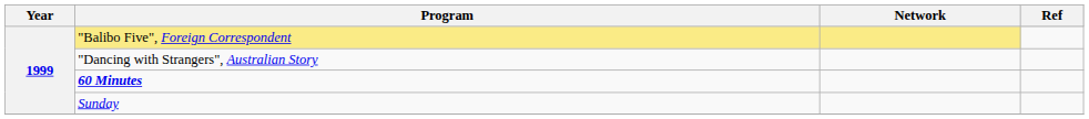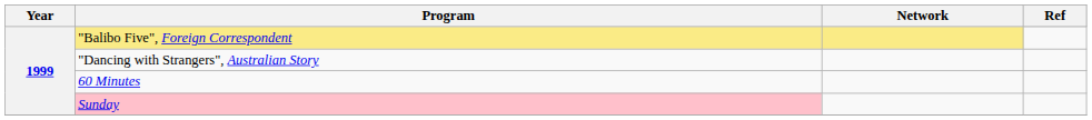 <table class="wikitable sortable">
 <tr style="background:#bebebe;">
 <th scope="col" style="width:1%;">Year</th>
 <th scope="col" style="width:16%;">Program</th>
 <th scope="col" style="width:4%;">Network</th>
 <th scope="col" style="width:1%;" class="unsortable">Ref</th>
 </tr>
 <tr>
 <th scope="row" rowspan="4" style="text-align:center"><a href='#'>1999</a></th>
 <td style="background:#FAEB86">"Balibo Five", <em><a href='#'>Foreign Correspondent</a></em></td>
 <td style="background:#FAEB86"></td>
 <td></td>
 </tr>
 <tr>
 <td>"Dancing with Strangers", <em><a href='#'>Australian Story</a></em></td>
 <td></td>
 <td></td>
 </tr>
 <tr>
-<td><strong><em><a href='#'>60 Minutes</a></em></strong></td>
+<td><em><a href='#'>60 Minutes</a></em></td>
 <td></td>
 <td></td>
 </tr>
 <tr>
-<td><em><a href='#'>Sunday</a></em></td>
+<td style="background: pink;"><em><a href='#'>Sunday</a></em></td>
 <td></td>
 <td></td>
 </tr>
 <tr>
 </tr>
 </table>
